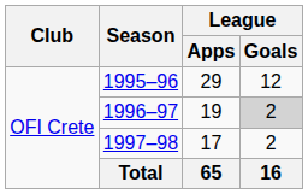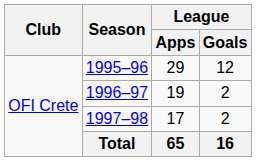 <table class="wikitable" style="text-align:center">
 <tr>
 <th rowspan="2">Club</th>
 <th rowspan="2">Season</th>
 <th colspan="2">League</th>
 </tr>
 <tr>
 <th>Apps</th>
 <th>Goals</th>
 </tr>
 <tr>
 <td rowspan="4"><a href='#'>OFI Crete</a></td>
 <td><a href='#'>1995–96</a></td>
 <td>29</td>
 <td>12</td>
 </tr>
 <tr>
 <td><a href='#'>1996–97</a></td>
 <td>19</td>
-<td style="background: lightgrey;">2</td>
+<td>2</td>
 </tr>
 <tr>
 <td><a href='#'>1997–98</a></td>
 <td>17</td>
 <td>2</td>
 </tr>
 <tr>
 <th>Total</th>
 <th>65</th>
 <th>16</th>
 </tr>
 </table>
